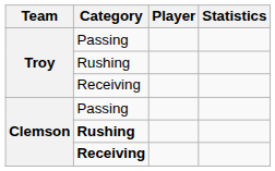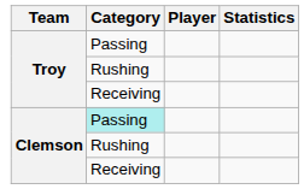 <table class="wikitable" style="float:right">
 <tr>
 <th>Team</th>
 <th>Category</th>
 <th>Player</th>
 <th>Statistics</th>
 </tr>
 <tr>
 <th rowspan=3>Troy</th>
 <td>Passing</td>
 <td></td>
 <td></td>
 </tr>
 <tr>
 <td>Rushing</td>
 <td></td>
 <td></td>
 </tr>
 <tr>
 <td>Receiving</td>
 <td></td>
 <td></td>
 </tr>
 <tr>
 <th rowspan=3>Clemson</th>
-<td>Passing</td>
+<td style="background: paleturquoise;">Passing</td>
 <td></td>
 <td></td>
 </tr>
 <tr>
-<td><strong>Rushing</strong></td>
+<td>Rushing</td>
 <td></td>
 <td></td>
 </tr>
 <tr>
-<td><strong>Receiving</strong></td>
+<td>Receiving</td>
 <td></td>
 <td></td>
 </tr>
 </table>
